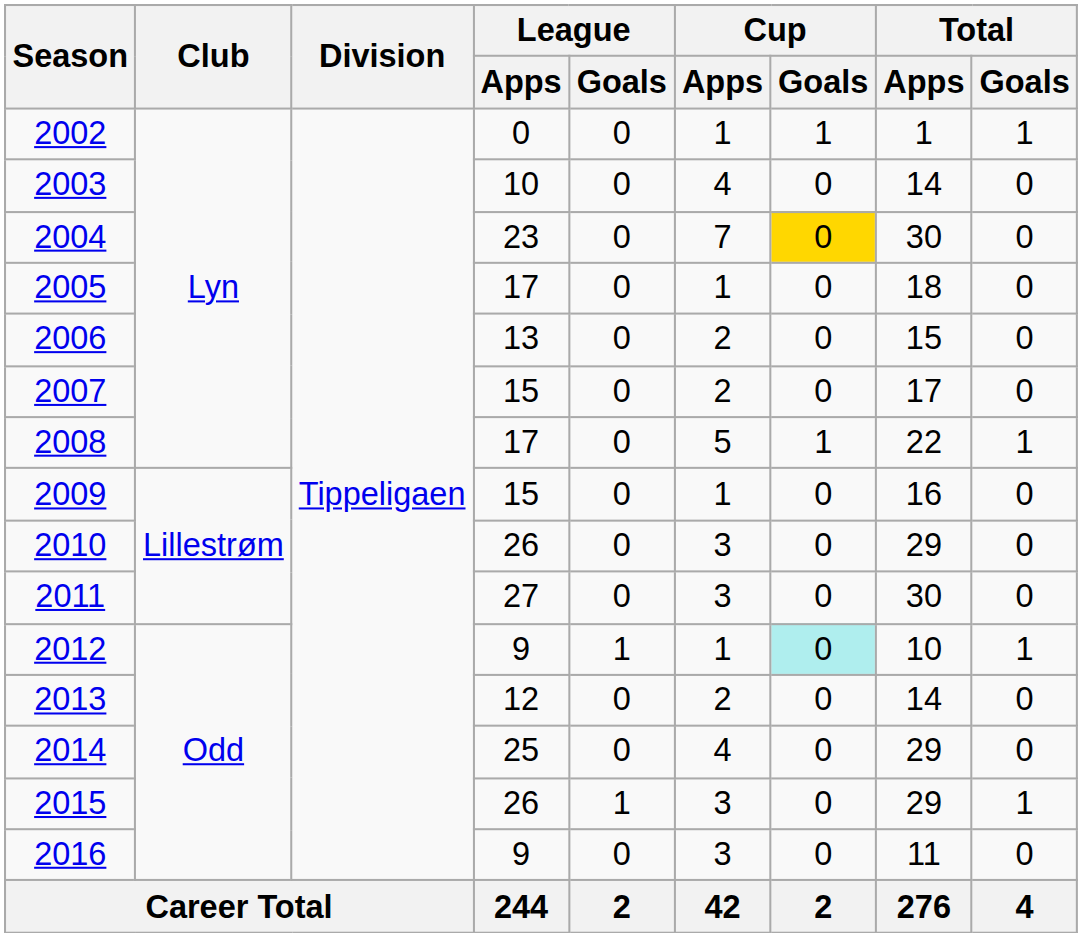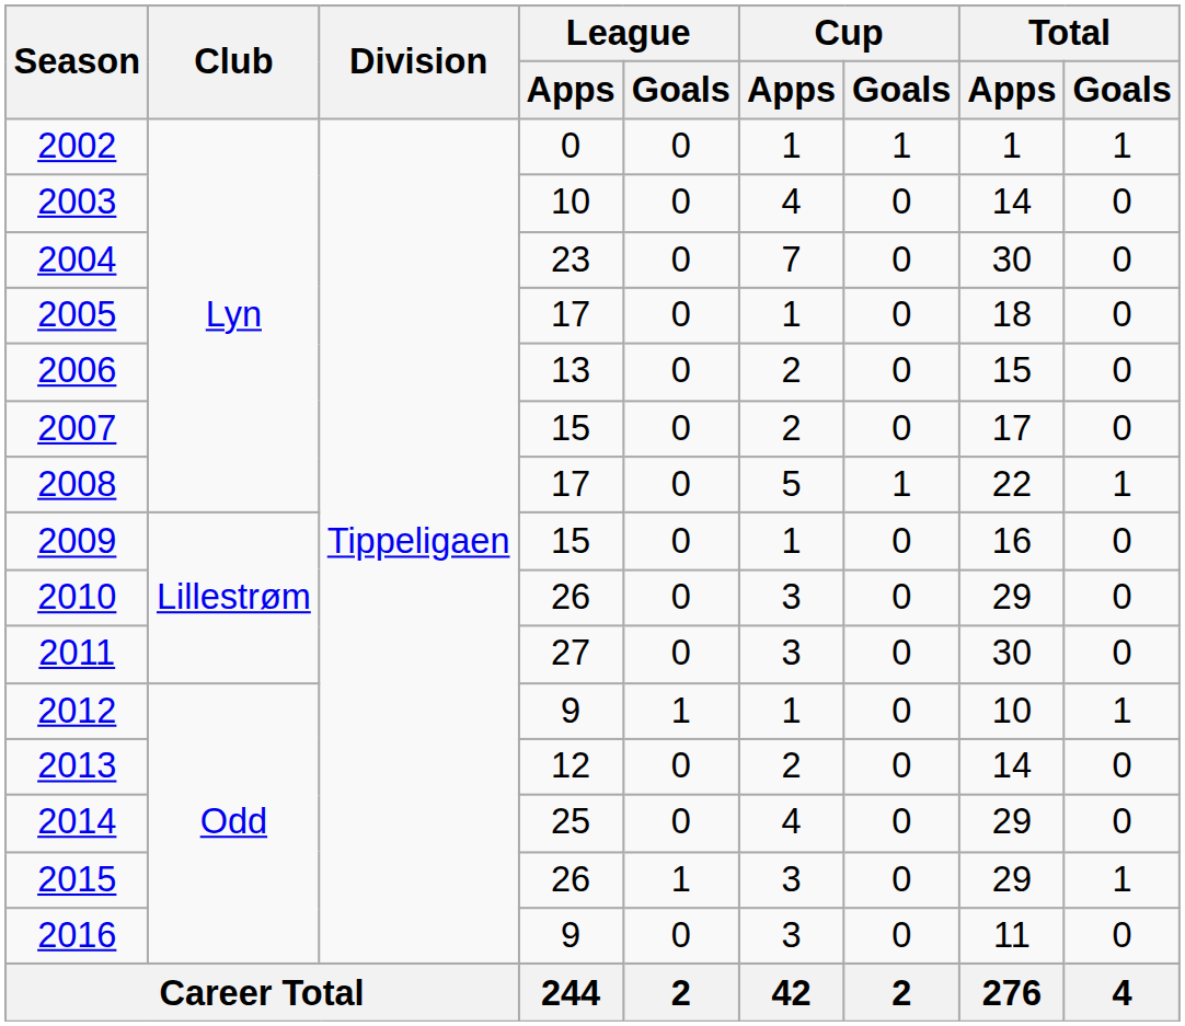 <table class="wikitable" style="text-align: center;">
 <tr>
 <th rowspan="2">Season</th>
 <th rowspan="2">Club</th>
 <th rowspan="2">Division</th>
 <th colspan="2">League</th>
 <th colspan="2">Cup</th>
 <th colspan="2">Total</th>
 </tr>
 <tr>
 <th>Apps</th>
 <th>Goals</th>
 <th>Apps</th>
 <th>Goals</th>
 <th>Apps</th>
 <th>Goals</th>
 </tr>
 <tr>
 <td><a href='#'>2002</a></td>
 <td rowspan="7" valign="center"><a href='#'>Lyn</a></td>
 <td rowspan="15" valign="center"><a href='#'>Tippeligaen</a></td>
 <td>0</td>
 <td>0</td>
 <td>1</td>
 <td>1</td>
 <td>1</td>
 <td>1</td>
 </tr>
 <tr>
 <td><a href='#'>2003</a></td>
 <td>10</td>
 <td>0</td>
 <td>4</td>
 <td>0</td>
 <td>14</td>
 <td>0</td>
 </tr>
 <tr>
 <td><a href='#'>2004</a></td>
 <td>23</td>
 <td>0</td>
 <td>7</td>
-<td style="background: gold;">0</td>
+<td>0</td>
 <td>30</td>
 <td>0</td>
 </tr>
 <tr>
 <td><a href='#'>2005</a></td>
 <td>17</td>
 <td>0</td>
 <td>1</td>
 <td>0</td>
 <td>18</td>
 <td>0</td>
 </tr>
 <tr>
 <td><a href='#'>2006</a></td>
 <td>13</td>
 <td>0</td>
 <td>2</td>
 <td>0</td>
 <td>15</td>
 <td>0</td>
 </tr>
 <tr>
 <td><a href='#'>2007</a></td>
 <td>15</td>
 <td>0</td>
 <td>2</td>
 <td>0</td>
 <td>17</td>
 <td>0</td>
 </tr>
 <tr>
 <td><a href='#'>2008</a></td>
 <td>17</td>
 <td>0</td>
 <td>5</td>
 <td>1</td>
 <td>22</td>
 <td>1</td>
 </tr>
 <tr>
 <td><a href='#'>2009</a></td>
 <td rowspan="3" valign="center"><a href='#'>Lillestrøm</a></td>
 <td>15</td>
 <td>0</td>
 <td>1</td>
 <td>0</td>
 <td>16</td>
 <td>0</td>
 </tr>
 <tr>
 <td><a href='#'>2010</a></td>
 <td>26</td>
 <td>0</td>
 <td>3</td>
 <td>0</td>
 <td>29</td>
 <td>0</td>
 </tr>
 <tr>
 <td><a href='#'>2011</a></td>
 <td>27</td>
 <td>0</td>
 <td>3</td>
 <td>0</td>
 <td>30</td>
 <td>0</td>
 </tr>
 <tr>
 <td><a href='#'>2012</a></td>
 <td rowspan="5" valign="center"><a href='#'>Odd</a></td>
 <td>9</td>
 <td>1</td>
 <td>1</td>
-<td style="background: paleturquoise;">0</td>
+<td>0</td>
 <td>10</td>
 <td>1</td>
 </tr>
 <tr>
 <td><a href='#'>2013</a></td>
 <td>12</td>
 <td>0</td>
 <td>2</td>
 <td>0</td>
 <td>14</td>
 <td>0</td>
 </tr>
 <tr>
 <td><a href='#'>2014</a></td>
 <td>25</td>
 <td>0</td>
 <td>4</td>
 <td>0</td>
 <td>29</td>
 <td>0</td>
 </tr>
 <tr>
 <td><a href='#'>2015</a></td>
 <td>26</td>
 <td>1</td>
 <td>3</td>
 <td>0</td>
 <td>29</td>
 <td>1</td>
 </tr>
 <tr>
 <td><a href='#'>2016</a></td>
 <td>9</td>
 <td>0</td>
 <td>3</td>
 <td>0</td>
 <td>11</td>
 <td>0</td>
 </tr>
 <tr>
 <th colspan="3">Career Total</th>
 <th>244</th>
 <th>2</th>
 <th>42</th>
 <th>2</th>
 <th>276</th>
 <th>4</th>
 </tr>
 </table>
